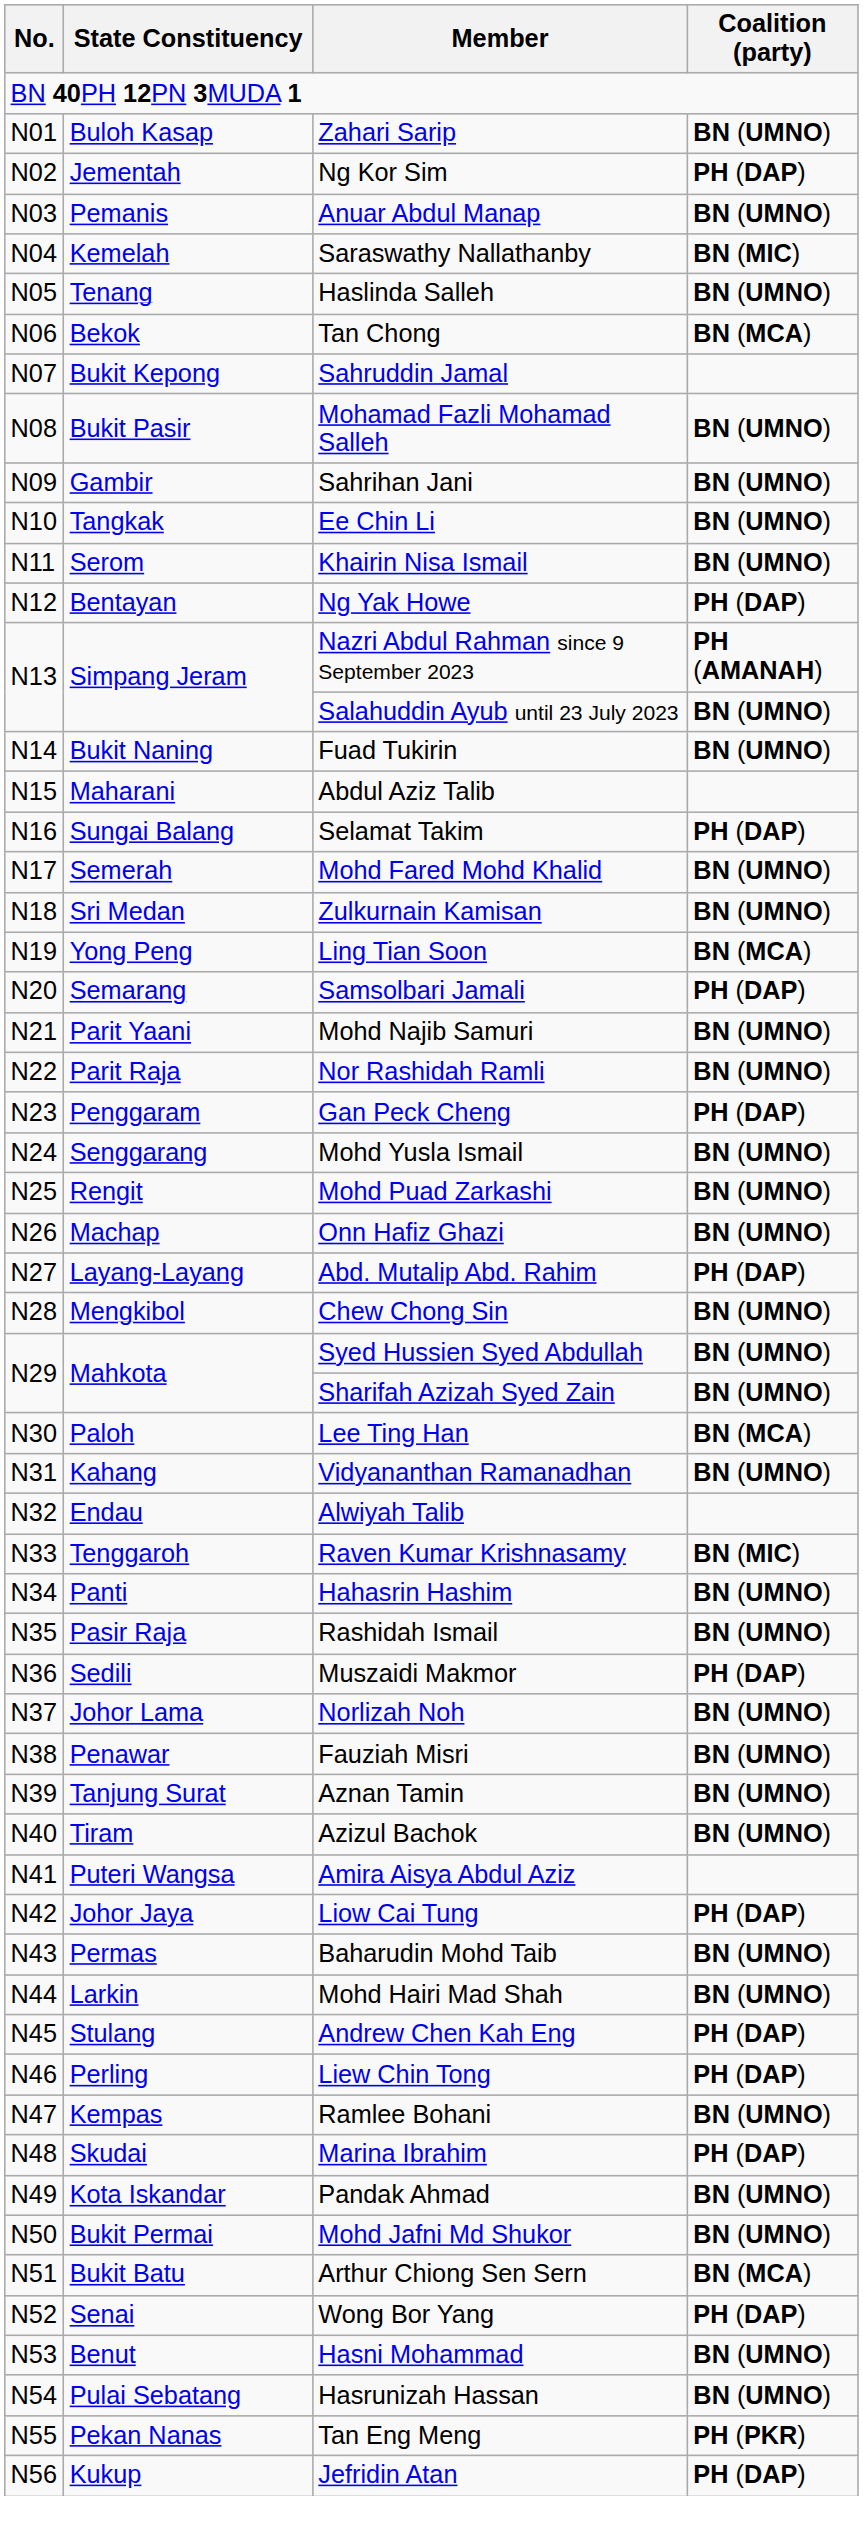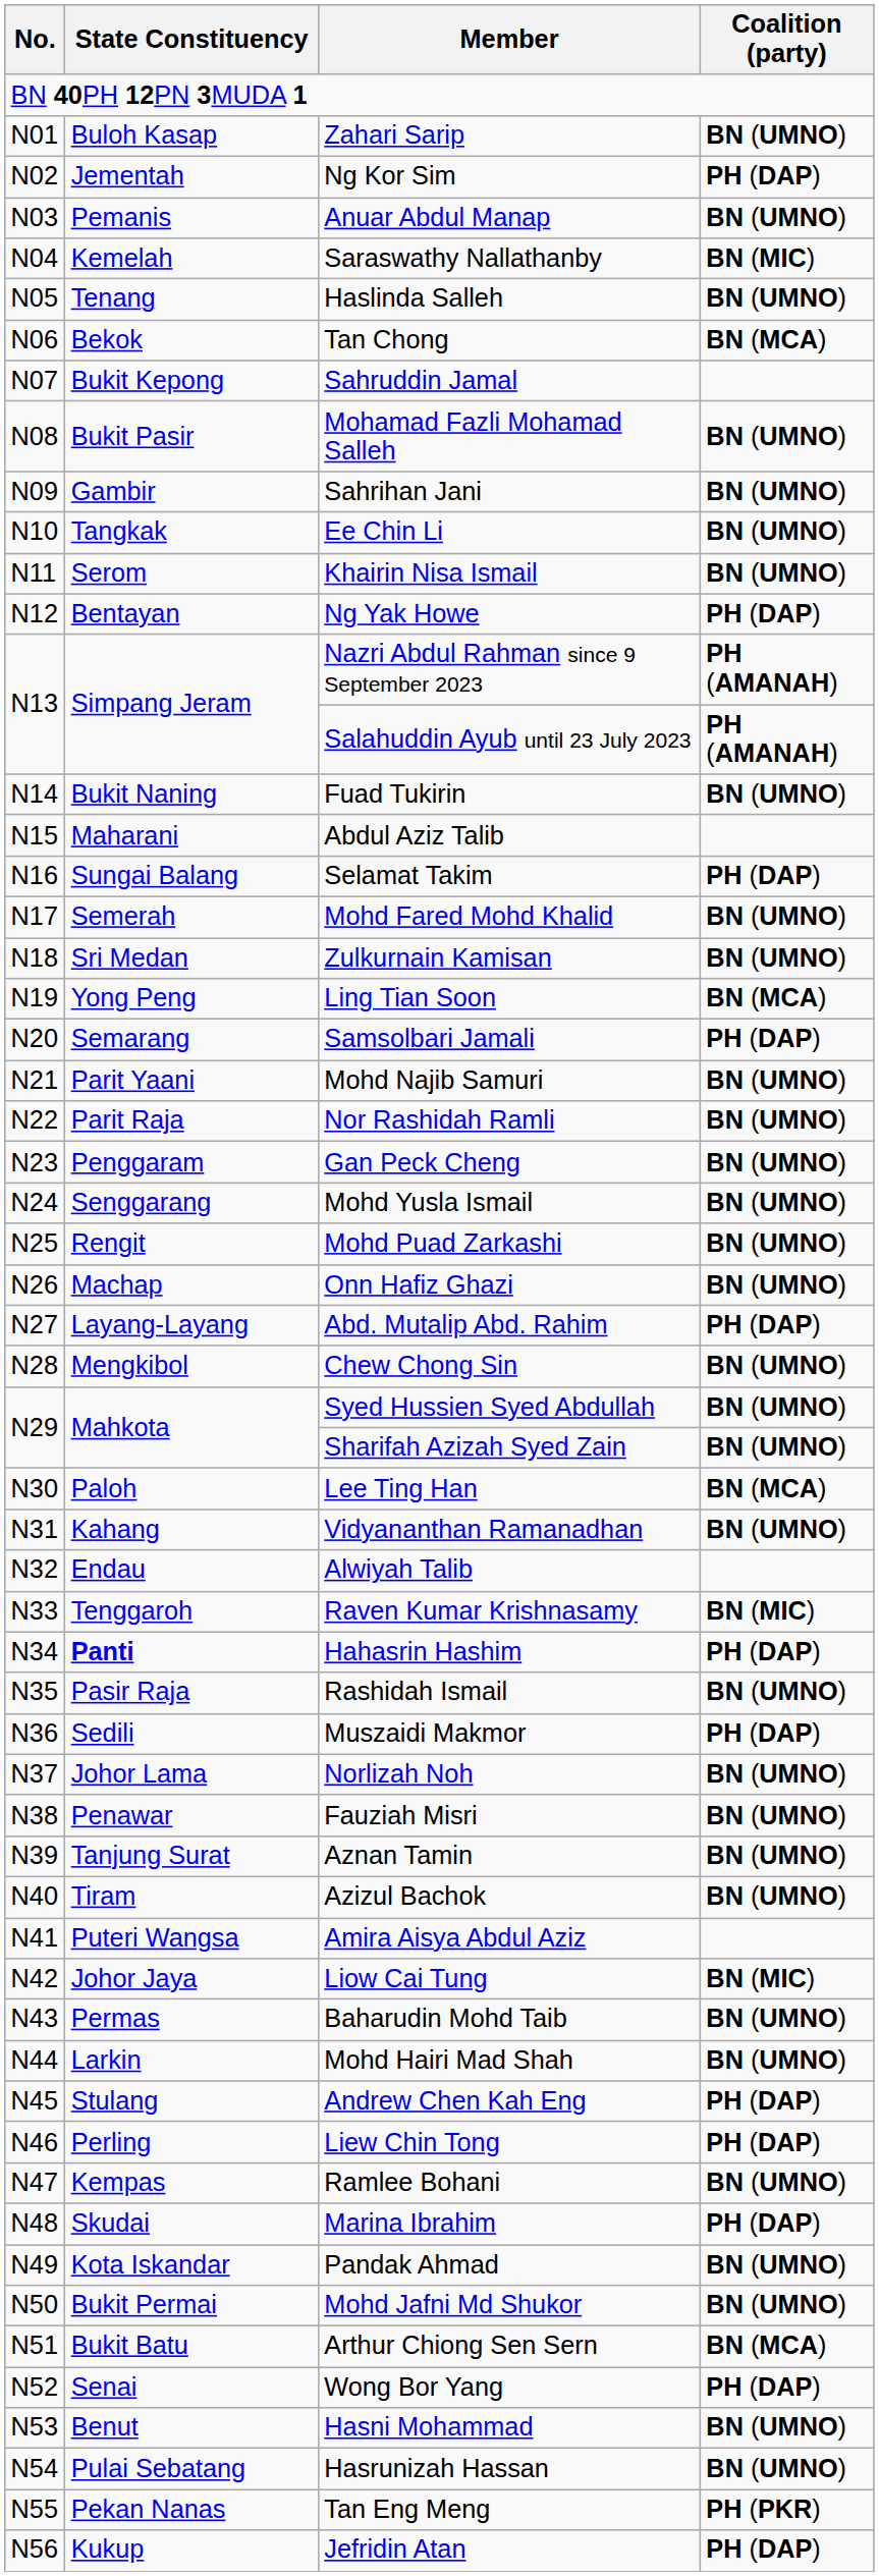 <table class="wikitable sortable">
 <tr>
 <th style="width:30px;">No.</th>
 <th style="width:150px;">State Constituency</th>
 <th style="width:230px;">Member</th>
 <th style="width:100px;">Coalition (party)</th>
 </tr>
 <tr>
 <td colspan="4"><a href='#'>BN</a> <strong>40</strong><a href='#'>PH</a> <strong>12</strong><a href='#'>PN</a> <strong>3</strong><a href='#'>MUDA</a> <strong>1</strong></td>
 </tr>
 <tr>
 <td>N01</td>
 <td><a href='#'>Buloh Kasap</a></td>
 <td><a href='#'>Zahari Sarip</a></td>
 <td><strong>BN</strong> (<strong>UMNO</strong>)</td>
 </tr>
 <tr>
 <td>N02</td>
 <td><a href='#'>Jementah</a></td>
 <td>Ng Kor Sim</td>
 <td><strong>PH</strong> (<strong>DAP</strong>)</td>
 </tr>
 <tr>
 <td>N03</td>
 <td><a href='#'>Pemanis</a></td>
 <td><a href='#'>Anuar Abdul Manap</a></td>
 <td><strong>BN</strong> (<strong>UMNO</strong>)</td>
 </tr>
 <tr>
 <td>N04</td>
 <td><a href='#'>Kemelah</a></td>
 <td>Saraswathy Nallathanby</td>
 <td><strong>BN</strong> (<strong>MIC</strong>)</td>
 </tr>
 <tr>
 <td>N05</td>
 <td><a href='#'>Tenang</a></td>
 <td>Haslinda Salleh</td>
 <td><strong>BN</strong> (<strong>UMNO</strong>)</td>
 </tr>
 <tr>
 <td>N06</td>
 <td><a href='#'>Bekok</a></td>
 <td>Tan Chong</td>
 <td><strong>BN</strong> (<strong>MCA</strong>)</td>
 </tr>
 <tr>
 <td>N07</td>
 <td><a href='#'>Bukit Kepong</a></td>
 <td><a href='#'>Sahruddin Jamal</a></td>
 <td></td>
 </tr>
 <tr>
 <td>N08</td>
 <td><a href='#'>Bukit Pasir</a></td>
 <td><a href='#'>Mohamad Fazli Mohamad Salleh</a></td>
 <td><strong>BN</strong> (<strong>UMNO</strong>)</td>
 </tr>
 <tr>
 <td>N09</td>
 <td><a href='#'>Gambir</a></td>
 <td>Sahrihan Jani</td>
 <td><strong>BN</strong> (<strong>UMNO</strong>)</td>
 </tr>
 <tr>
 <td>N10</td>
 <td><a href='#'>Tangkak</a></td>
 <td><a href='#'>Ee Chin Li</a></td>
 <td><strong>BN</strong> (<strong>UMNO</strong>)</td>
 </tr>
 <tr>
 <td>N11</td>
 <td><a href='#'>Serom</a></td>
 <td><a href='#'>Khairin Nisa Ismail</a></td>
 <td><strong>BN</strong> (<strong>UMNO</strong>)</td>
 </tr>
 <tr>
 <td>N12</td>
 <td><a href='#'>Bentayan</a></td>
 <td><a href='#'>Ng Yak Howe</a></td>
 <td><strong>PH</strong> (<strong>DAP</strong>)</td>
 </tr>
 <tr>
 <td rowspan="2">N13</td>
 <td rowspan="2"><a href='#'>Simpang Jeram</a></td>
 <td><a href='#'>Nazri Abdul Rahman</a> <small>since 9 September 2023</small></td>
 <td><strong>PH</strong> (<strong>AMANAH</strong>)</td>
 </tr>
 <tr>
 <td><a href='#'>Salahuddin Ayub</a> <small>until 23 July 2023</small></td>
-<td><strong>BN</strong> (<strong>UMNO</strong>)</td>
+<td><strong>PH</strong> (<strong>AMANAH</strong>)</td>
 </tr>
 <tr>
 <td>N14</td>
 <td><a href='#'>Bukit Naning</a></td>
 <td>Fuad Tukirin</td>
 <td><strong>BN</strong> (<strong>UMNO</strong>)</td>
 </tr>
 <tr>
 <td>N15</td>
 <td><a href='#'>Maharani</a></td>
 <td>Abdul Aziz Talib</td>
 <td></td>
 </tr>
 <tr>
 <td>N16</td>
 <td><a href='#'>Sungai Balang</a></td>
 <td>Selamat Takim</td>
 <td><strong>PH</strong> (<strong>DAP</strong>)</td>
 </tr>
 <tr>
 <td>N17</td>
 <td><a href='#'>Semerah</a></td>
 <td><a href='#'>Mohd Fared Mohd Khalid</a></td>
 <td><strong>BN</strong> (<strong>UMNO</strong>)</td>
 </tr>
 <tr>
 <td>N18</td>
 <td><a href='#'>Sri Medan</a></td>
 <td><a href='#'>Zulkurnain Kamisan</a></td>
 <td><strong>BN</strong> (<strong>UMNO</strong>)</td>
 </tr>
 <tr>
 <td>N19</td>
 <td><a href='#'>Yong Peng</a></td>
 <td><a href='#'>Ling Tian Soon</a></td>
 <td><strong>BN</strong> (<strong>MCA</strong>)</td>
 </tr>
 <tr>
 <td>N20</td>
 <td><a href='#'>Semarang</a></td>
 <td><a href='#'>Samsolbari Jamali</a></td>
 <td><strong>PH</strong> (<strong>DAP</strong>)</td>
 </tr>
 <tr>
 <td>N21</td>
 <td><a href='#'>Parit Yaani</a></td>
 <td>Mohd Najib Samuri</td>
 <td><strong>BN</strong> (<strong>UMNO</strong>)</td>
 </tr>
 <tr>
 <td>N22</td>
 <td><a href='#'>Parit Raja</a></td>
 <td><a href='#'>Nor Rashidah Ramli</a></td>
 <td><strong>BN</strong> (<strong>UMNO</strong>)</td>
 </tr>
 <tr>
 <td>N23</td>
 <td><a href='#'>Penggaram</a></td>
 <td><a href='#'>Gan Peck Cheng</a></td>
-<td><strong>PH</strong> (<strong>DAP</strong>)</td>
+<td><strong>BN</strong> (<strong>UMNO</strong>)</td>
 </tr>
 <tr>
 <td>N24</td>
 <td><a href='#'>Senggarang</a></td>
 <td>Mohd Yusla Ismail</td>
 <td><strong>BN</strong> (<strong>UMNO</strong>)</td>
 </tr>
 <tr>
 <td>N25</td>
 <td><a href='#'>Rengit</a></td>
 <td><a href='#'>Mohd Puad Zarkashi</a></td>
 <td><strong>BN</strong> (<strong>UMNO</strong>)</td>
 </tr>
 <tr>
 <td>N26</td>
 <td><a href='#'>Machap</a></td>
 <td><a href='#'>Onn Hafiz Ghazi</a></td>
 <td><strong>BN</strong> (<strong>UMNO</strong>)</td>
 </tr>
 <tr>
 <td>N27</td>
 <td><a href='#'>Layang-Layang</a></td>
 <td><a href='#'>Abd. Mutalip Abd. Rahim</a></td>
 <td><strong>PH</strong> (<strong>DAP</strong>)</td>
 </tr>
 <tr>
 <td>N28</td>
 <td><a href='#'>Mengkibol</a></td>
 <td><a href='#'>Chew Chong Sin</a></td>
 <td><strong>BN</strong> (<strong>UMNO</strong>)</td>
 </tr>
 <tr>
 <td rowspan=2>N29</td>
 <td rowspan=2><a href='#'>Mahkota</a></td>
 <td><a href='#'>Syed Hussien Syed Abdullah</a> </td>
 <td><strong>BN</strong> (<strong>UMNO</strong>)</td>
 </tr>
 <tr>
 <td><a href='#'>Sharifah Azizah Syed Zain</a> </td>
 <td><strong>BN</strong> (<strong>UMNO</strong>)</td>
 </tr>
 <tr>
 <td>N30</td>
 <td><a href='#'>Paloh</a></td>
 <td><a href='#'>Lee Ting Han</a></td>
 <td><strong>BN</strong> (<strong>MCA</strong>)</td>
 </tr>
 <tr>
 <td>N31</td>
 <td><a href='#'>Kahang</a></td>
 <td><a href='#'>Vidyananthan Ramanadhan</a></td>
 <td><strong>BN</strong> (<strong>UMNO</strong>)</td>
 </tr>
 <tr>
 <td>N32</td>
 <td><a href='#'>Endau</a></td>
 <td><a href='#'>Alwiyah Talib</a></td>
 <td></td>
 </tr>
 <tr>
 <td>N33</td>
 <td><a href='#'>Tenggaroh</a></td>
 <td><a href='#'>Raven Kumar Krishnasamy</a></td>
 <td><strong>BN</strong> (<strong>MIC</strong>)</td>
 </tr>
 <tr>
 <td>N34</td>
-<td><a href='#'>Panti</a></td>
+<td><strong><a href='#'>Panti</a></strong></td>
 <td><a href='#'>Hahasrin Hashim</a></td>
-<td><strong>BN</strong> (<strong>UMNO</strong>)</td>
+<td><strong>PH</strong> (<strong>DAP</strong>)</td>
 </tr>
 <tr>
 <td>N35</td>
 <td><a href='#'>Pasir Raja</a></td>
 <td>Rashidah Ismail</td>
 <td><strong>BN</strong> (<strong>UMNO</strong>)</td>
 </tr>
 <tr>
 <td>N36</td>
 <td><a href='#'>Sedili</a></td>
 <td>Muszaidi Makmor</td>
 <td><strong>PH</strong> (<strong>DAP</strong>)</td>
 </tr>
 <tr>
 <td>N37</td>
 <td><a href='#'>Johor Lama</a></td>
 <td><a href='#'>Norlizah Noh</a></td>
 <td><strong>BN</strong> (<strong>UMNO</strong>)</td>
 </tr>
 <tr>
 <td>N38</td>
 <td><a href='#'>Penawar</a></td>
 <td>Fauziah Misri</td>
 <td><strong>BN</strong> (<strong>UMNO</strong>)</td>
 </tr>
 <tr>
 <td>N39</td>
 <td><a href='#'>Tanjung Surat</a></td>
 <td>Aznan Tamin</td>
 <td><strong>BN</strong> (<strong>UMNO</strong>)</td>
 </tr>
 <tr>
 <td>N40</td>
 <td><a href='#'>Tiram</a></td>
 <td>Azizul Bachok</td>
 <td><strong>BN</strong> (<strong>UMNO</strong>)</td>
 </tr>
 <tr>
 <td>N41</td>
 <td><a href='#'>Puteri Wangsa</a></td>
 <td><a href='#'>Amira Aisya Abdul Aziz</a></td>
 <td></td>
 </tr>
 <tr>
 <td>N42</td>
 <td><a href='#'>Johor Jaya</a></td>
 <td><a href='#'>Liow Cai Tung</a></td>
-<td><strong>PH</strong> (<strong>DAP</strong>)</td>
+<td><strong>BN</strong> (<strong>MIC</strong>)</td>
 </tr>
 <tr>
 <td>N43</td>
 <td><a href='#'>Permas</a></td>
 <td>Baharudin Mohd Taib</td>
 <td><strong>BN</strong> (<strong>UMNO</strong>)</td>
 </tr>
 <tr>
 <td>N44</td>
 <td><a href='#'>Larkin</a></td>
 <td>Mohd Hairi Mad Shah</td>
 <td><strong>BN</strong> (<strong>UMNO</strong>)</td>
 </tr>
 <tr>
 <td>N45</td>
 <td><a href='#'>Stulang</a></td>
 <td><a href='#'>Andrew Chen Kah Eng</a></td>
 <td><strong>PH</strong> (<strong>DAP</strong>)</td>
 </tr>
 <tr>
 <td>N46</td>
 <td><a href='#'>Perling</a></td>
 <td><a href='#'>Liew Chin Tong</a></td>
 <td><strong>PH</strong> (<strong>DAP</strong>)</td>
 </tr>
 <tr>
 <td>N47</td>
 <td><a href='#'>Kempas</a></td>
 <td>Ramlee Bohani</td>
 <td><strong>BN</strong> (<strong>UMNO</strong>)</td>
 </tr>
 <tr>
 <td>N48</td>
 <td><a href='#'>Skudai</a></td>
 <td><a href='#'>Marina Ibrahim</a></td>
 <td><strong>PH</strong> (<strong>DAP</strong>)</td>
 </tr>
 <tr>
 <td>N49</td>
 <td><a href='#'>Kota Iskandar</a></td>
 <td>Pandak Ahmad</td>
 <td><strong>BN</strong> (<strong>UMNO</strong>)</td>
 </tr>
 <tr>
 <td>N50</td>
 <td><a href='#'>Bukit Permai</a></td>
 <td><a href='#'>Mohd Jafni Md Shukor</a></td>
 <td><strong>BN</strong> (<strong>UMNO</strong>)</td>
 </tr>
 <tr>
 <td>N51</td>
 <td><a href='#'>Bukit Batu</a></td>
 <td>Arthur Chiong Sen Sern</td>
 <td><strong>BN</strong> (<strong>MCA</strong>)</td>
 </tr>
 <tr>
 <td>N52</td>
 <td><a href='#'>Senai</a></td>
 <td>Wong Bor Yang</td>
 <td><strong>PH</strong> (<strong>DAP</strong>)</td>
 </tr>
 <tr>
 <td>N53</td>
 <td><a href='#'>Benut</a></td>
 <td><a href='#'>Hasni Mohammad</a></td>
 <td><strong>BN</strong> (<strong>UMNO</strong>)</td>
 </tr>
 <tr>
 <td>N54</td>
 <td><a href='#'>Pulai Sebatang</a></td>
 <td>Hasrunizah Hassan</td>
 <td><strong>BN</strong> (<strong>UMNO</strong>)</td>
 </tr>
 <tr>
 <td>N55</td>
 <td><a href='#'>Pekan Nanas</a></td>
 <td>Tan Eng Meng</td>
 <td><strong>PH</strong> (<strong>PKR</strong>)</td>
 </tr>
 <tr>
 <td>N56</td>
 <td><a href='#'>Kukup</a></td>
 <td><a href='#'>Jefridin Atan</a></td>
 <td><strong>PH</strong> (<strong>DAP</strong>)</td>
 </tr>
 </table>
